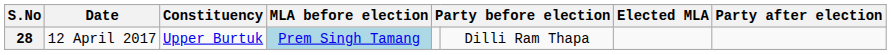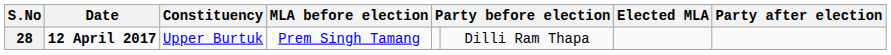 <table class="wikitable sortable" style="text-align:center;">
 <tr>
 <th>S.No</th>
 <th>Date</th>
 <th>Constituency</th>
 <th>MLA before election</th>
 <th colspan="2">Party before election</th>
 <th>Elected MLA</th>
 <th colspan="2">Party after election</th>
 </tr>
 <tr>
 <th>28</th>
-<td>12 April 2017</td>
+<td><strong>12 April 2017</strong></td>
 <td><a href='#'>Upper Burtuk</a></td>
-<td style="background: lightblue;"><a href='#'>Prem Singh Tamang</a></td>
+<td><a href='#'>Prem Singh Tamang</a></td>
 <td></td>
 <td>Dilli Ram Thapa</td>
 <td></td>
 </tr>
 </table>
